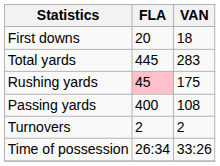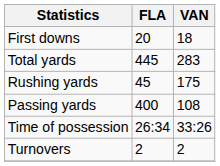 <table class="wikitable">
 <tr>
 <th>Statistics</th>
 <th>FLA</th>
 <th>VAN</th>
 </tr>
 <tr>
 <td>First downs</td>
 <td>20</td>
 <td>18</td>
 </tr>
 <tr>
 <td>Total yards</td>
 <td>445</td>
 <td>283</td>
 </tr>
 <tr>
 <td>Rushing yards</td>
-<td style="background: pink;">45</td>
+<td>45</td>
 <td>175</td>
 </tr>
 <tr>
 <td>Passing yards</td>
 <td>400</td>
 <td>108</td>
 </tr>
 <tr>
+<td>Time of possession</td>
+<td>26:34</td>
+<td>33:26</td>
+</tr>
+<tr>
 <td>Turnovers</td>
 <td>2</td>
 <td>2</td>
 </tr>
 <tr>
-<td>Time of possession</td>
-<td>26:34</td>
-<td>33:26</td>
-</tr>
-<tr>
 </tr>
 </table>
